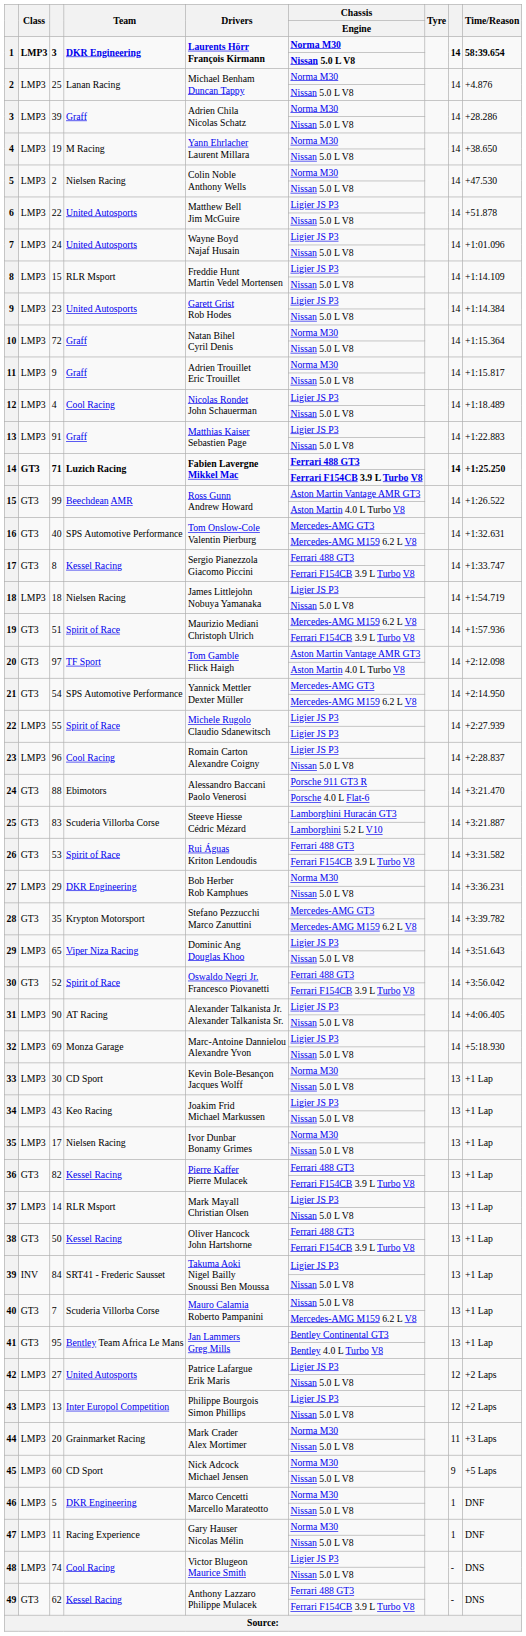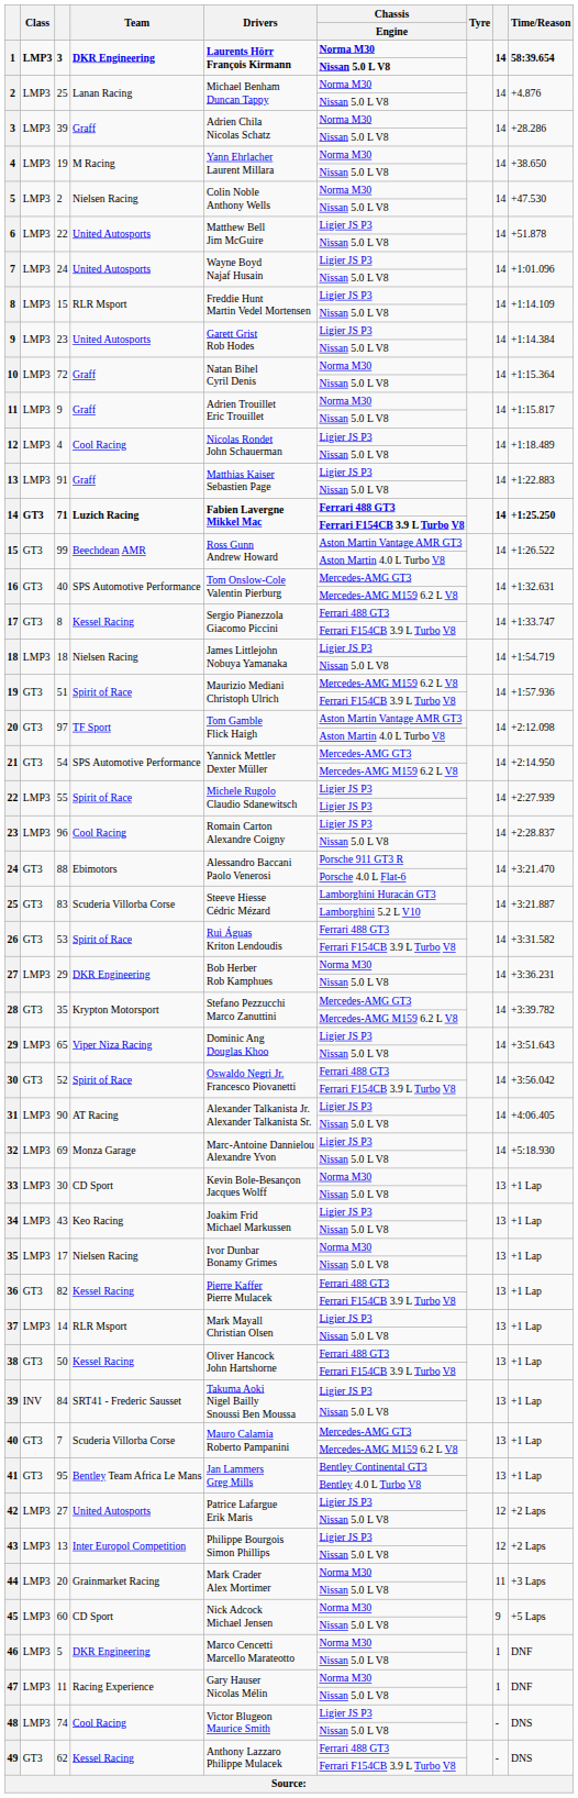 <table class="wikitable" style="font-size: 95%;">
 <tr>
 <th rowspan=2></th>
 <th rowspan=2>Class</th>
 <th rowspan=2></th>
 <th rowspan=2>Team</th>
 <th rowspan=2>Drivers</th>
 <th scope=col>Chassis</th>
 <th rowspan=2>Tyre</th>
 <th rowspan=2></th>
 <th rowspan=2>Time/Reason</th>
 </tr>
 <tr>
 <th scope=col>Engine</th>
 </tr>
 <tr style="font-weight:bold">
 <th rowspan=2>1</th>
 <td rowspan=2>LMP3</td>
 <td rowspan=2>3</td>
 <td rowspan=2> <a href='#'>DKR Engineering</a></td>
 <td rowspan=2> <a href='#'>Laurents Hörr</a><br> François Kirmann</td>
 <td><a href='#'>Norma M30</a></td>
 <td rowspan=2></td>
 <td rowspan=2>14</td>
 <td rowspan=2>58:39.654</td>
 </tr>
 <tr style="font-weight:bold">
 <td><a href='#'>Nissan</a> 5.0 L V8</td>
 </tr>
 <tr>
 <th rowspan=2>2</th>
 <td rowspan=2>LMP3</td>
 <td rowspan=2>25</td>
 <td rowspan=2> Lanan Racing</td>
 <td rowspan=2> Michael Benham<br> <a href='#'>Duncan Tappy</a></td>
 <td><a href='#'>Norma M30</a></td>
 <td rowspan=2></td>
 <td rowspan=2>14</td>
 <td rowspan=2>+4.876</td>
 </tr>
 <tr>
 <td><a href='#'>Nissan</a> 5.0 L V8</td>
 </tr>
 <tr>
 <th rowspan=2>3</th>
 <td rowspan=2>LMP3</td>
 <td rowspan=2>39</td>
 <td rowspan=2> <a href='#'>Graff</a></td>
 <td rowspan=2> Adrien Chila<br> Nicolas Schatz</td>
 <td><a href='#'>Norma M30</a></td>
 <td rowspan=2></td>
 <td rowspan=2>14</td>
 <td rowspan=2>+28.286</td>
 </tr>
 <tr>
 <td><a href='#'>Nissan</a> 5.0 L V8</td>
 </tr>
 <tr>
 <th rowspan=2>4</th>
 <td rowspan=2>LMP3</td>
 <td rowspan=2>19</td>
 <td rowspan=2> M Racing</td>
 <td rowspan=2> <a href='#'>Yann Ehrlacher</a><br> Laurent Millara</td>
 <td><a href='#'>Norma M30</a></td>
 <td rowspan=2></td>
 <td rowspan=2>14</td>
 <td rowspan=2>+38.650</td>
 </tr>
 <tr>
 <td><a href='#'>Nissan</a> 5.0 L V8</td>
 </tr>
 <tr>
 <th rowspan=2>5</th>
 <td rowspan=2>LMP3</td>
 <td rowspan=2>2</td>
 <td rowspan=2> Nielsen Racing</td>
 <td rowspan=2> Colin Noble<br> Anthony Wells</td>
 <td><a href='#'>Norma M30</a></td>
 <td rowspan=2></td>
 <td rowspan=2>14</td>
 <td rowspan=2>+47.530</td>
 </tr>
 <tr>
 <td><a href='#'>Nissan</a> 5.0 L V8</td>
 </tr>
 <tr>
 <th rowspan=2>6</th>
 <td rowspan=2>LMP3</td>
 <td rowspan=2>22</td>
 <td rowspan=2> <a href='#'>United Autosports</a></td>
 <td rowspan=2> Matthew Bell<br> Jim McGuire</td>
 <td><a href='#'>Ligier JS P3</a></td>
 <td rowspan=2></td>
 <td rowspan=2>14</td>
 <td rowspan=2>+51.878</td>
 </tr>
 <tr>
 <td><a href='#'>Nissan</a> 5.0 L V8</td>
 </tr>
 <tr>
 <th rowspan=2>7</th>
 <td rowspan=2>LMP3</td>
 <td rowspan=2>24</td>
 <td rowspan=2> <a href='#'>United Autosports</a></td>
 <td rowspan=2> Wayne Boyd<br> Najaf Husain</td>
 <td><a href='#'>Ligier JS P3</a></td>
 <td rowspan=2></td>
 <td rowspan=2>14</td>
 <td rowspan=2>+1:01.096</td>
 </tr>
 <tr>
 <td><a href='#'>Nissan</a> 5.0 L V8</td>
 </tr>
 <tr>
 <th rowspan=2>8</th>
 <td rowspan=2>LMP3</td>
 <td rowspan=2>15</td>
 <td rowspan=2> RLR Msport</td>
 <td rowspan=2> Freddie Hunt<br> Martin Vedel Mortensen</td>
 <td><a href='#'>Ligier JS P3</a></td>
 <td rowspan=2></td>
 <td rowspan=2>14</td>
 <td rowspan=2>+1:14.109</td>
 </tr>
 <tr>
 <td><a href='#'>Nissan</a> 5.0 L V8</td>
 </tr>
 <tr>
 <th rowspan=2>9</th>
 <td rowspan=2>LMP3</td>
 <td rowspan=2>23</td>
 <td rowspan=2> <a href='#'>United Autosports</a></td>
 <td rowspan=2> <a href='#'>Garett Grist</a><br> Rob Hodes</td>
 <td><a href='#'>Ligier JS P3</a></td>
 <td rowspan=2></td>
 <td rowspan=2>14</td>
 <td rowspan=2>+1:14.384</td>
 </tr>
 <tr>
 <td><a href='#'>Nissan</a> 5.0 L V8</td>
 </tr>
 <tr>
 <th rowspan=2>10</th>
 <td rowspan=2>LMP3</td>
 <td rowspan=2>72</td>
 <td rowspan=2> <a href='#'>Graff</a></td>
 <td rowspan=2> Natan Bihel<br> Cyril Denis</td>
 <td><a href='#'>Norma M30</a></td>
 <td rowspan=2></td>
 <td rowspan=2>14</td>
 <td rowspan=2>+1:15.364</td>
 </tr>
 <tr>
 <td><a href='#'>Nissan</a> 5.0 L V8</td>
 </tr>
 <tr>
 <th rowspan=2>11</th>
 <td rowspan=2>LMP3</td>
 <td rowspan=2>9</td>
 <td rowspan=2> <a href='#'>Graff</a></td>
 <td rowspan=2> Adrien Trouillet<br> Eric Trouillet</td>
 <td><a href='#'>Norma M30</a></td>
 <td rowspan=2></td>
 <td rowspan=2>14</td>
 <td rowspan=2>+1:15.817</td>
 </tr>
 <tr>
 <td><a href='#'>Nissan</a> 5.0 L V8</td>
 </tr>
 <tr>
 <th rowspan=2>12</th>
 <td rowspan=2>LMP3</td>
 <td rowspan=2>4</td>
 <td rowspan=2> <a href='#'>Cool Racing</a></td>
 <td rowspan=2> <a href='#'>Nicolas Rondet</a><br> John Schauerman</td>
 <td><a href='#'>Ligier JS P3</a></td>
 <td rowspan=2></td>
 <td rowspan=2>14</td>
 <td rowspan=2>+1:18.489</td>
 </tr>
 <tr>
 <td><a href='#'>Nissan</a> 5.0 L V8</td>
 </tr>
 <tr>
 <th rowspan=2>13</th>
 <td rowspan=2>LMP3</td>
 <td rowspan=2>91</td>
 <td rowspan=2> <a href='#'>Graff</a></td>
 <td rowspan=2> <a href='#'>Matthias Kaiser</a><br> Sebastien Page</td>
 <td><a href='#'>Ligier JS P3</a></td>
 <td rowspan=2></td>
 <td rowspan=2>14</td>
 <td rowspan=2>+1:22.883</td>
 </tr>
 <tr>
 <td><a href='#'>Nissan</a> 5.0 L V8</td>
 </tr>
 <tr style="font-weight:bold">
 <th rowspan=2>14</th>
 <td rowspan=2>GT3</td>
 <td rowspan=2>71</td>
 <td rowspan=2> Luzich Racing</td>
 <td rowspan=2> Fabien Lavergne<br> <a href='#'>Mikkel Mac</a></td>
 <td><a href='#'>Ferrari 488 GT3</a></td>
 <td rowspan=2></td>
 <td rowspan=2>14</td>
 <td rowspan=2>+1:25.250</td>
 </tr>
 <tr style="font-weight:bold">
 <td><a href='#'>Ferrari F154CB</a> 3.9 L <a href='#'>Turbo</a> <a href='#'>V8</a></td>
 </tr>
 <tr>
 <th rowspan=2>15</th>
 <td rowspan=2>GT3</td>
 <td rowspan=2>99</td>
 <td rowspan=2> <a href='#'>Beechdean</a> <a href='#'>AMR</a></td>
 <td rowspan=2> <a href='#'>Ross Gunn</a><br> Andrew Howard</td>
 <td><a href='#'>Aston Martin Vantage AMR GT3</a></td>
 <td rowspan=2></td>
 <td rowspan=2>14</td>
 <td rowspan=2>+1:26.522</td>
 </tr>
 <tr>
 <td><a href='#'>Aston Martin</a> 4.0 L Turbo <a href='#'>V8</a></td>
 </tr>
 <tr>
 <th rowspan=2>16</th>
 <td rowspan=2>GT3</td>
 <td rowspan=2>40</td>
 <td rowspan=2> SPS Automotive Performance</td>
 <td rowspan=2> <a href='#'>Tom Onslow-Cole</a><br> Valentin Pierburg</td>
 <td><a href='#'>Mercedes-AMG GT3</a></td>
 <td rowspan=2></td>
 <td rowspan=2>14</td>
 <td rowspan=2>+1:32.631</td>
 </tr>
 <tr>
 <td><a href='#'>Mercedes-AMG M159</a> 6.2 L <a href='#'>V8</a></td>
 </tr>
 <tr>
 <th rowspan=2>17</th>
 <td rowspan=2>GT3</td>
 <td rowspan=2>8</td>
 <td rowspan=2> <a href='#'>Kessel Racing</a></td>
 <td rowspan=2> Sergio Pianezzola<br> Giacomo Piccini</td>
 <td><a href='#'>Ferrari 488 GT3</a></td>
 <td rowspan=2></td>
 <td rowspan=2>14</td>
 <td rowspan=2>+1:33.747</td>
 </tr>
 <tr>
 <td><a href='#'>Ferrari F154CB</a> 3.9 L <a href='#'>Turbo</a> <a href='#'>V8</a></td>
 </tr>
 <tr>
 <th rowspan=2>18</th>
 <td rowspan=2>LMP3</td>
 <td rowspan=2>18</td>
 <td rowspan=2> Nielsen Racing</td>
 <td rowspan=2> James Littlejohn<br> Nobuya Yamanaka</td>
 <td><a href='#'>Ligier JS P3</a></td>
 <td rowspan=2></td>
 <td rowspan=2>14</td>
 <td rowspan=2>+1:54.719</td>
 </tr>
 <tr>
 <td><a href='#'>Nissan</a> 5.0 L V8</td>
 </tr>
 <tr>
 <th rowspan=2>19</th>
 <td rowspan=2>GT3</td>
 <td rowspan=2>51</td>
 <td rowspan=2> <a href='#'>Spirit of Race</a></td>
 <td rowspan=2> Maurizio Mediani<br> Christoph Ulrich</td>
 <td><a href='#'>Mercedes-AMG M159</a> 6.2 L <a href='#'>V8</a></td>
 <td rowspan=2></td>
 <td rowspan=2>14</td>
 <td rowspan=2>+1:57.936</td>
 </tr>
 <tr>
 <td><a href='#'>Ferrari F154CB</a> 3.9 L <a href='#'>Turbo</a> <a href='#'>V8</a></td>
 </tr>
 <tr>
 <th rowspan=2>20</th>
 <td rowspan=2>GT3</td>
 <td rowspan=2>97</td>
 <td rowspan=2> <a href='#'>TF Sport</a></td>
 <td rowspan=2> <a href='#'>Tom Gamble</a><br> Flick Haigh</td>
 <td><a href='#'>Aston Martin Vantage AMR GT3</a></td>
 <td rowspan=2></td>
 <td rowspan=2>14</td>
 <td rowspan=2>+2:12.098</td>
 </tr>
 <tr>
 <td><a href='#'>Aston Martin</a> 4.0 L Turbo <a href='#'>V8</a></td>
 </tr>
 <tr>
 <th rowspan=2>21</th>
 <td rowspan=2>GT3</td>
 <td rowspan=2>54</td>
 <td rowspan=2> SPS Automotive Performance</td>
 <td rowspan=2> Yannick Mettler<br> Dexter Müller</td>
 <td><a href='#'>Mercedes-AMG GT3</a></td>
 <td rowspan=2></td>
 <td rowspan=2>14</td>
 <td rowspan=2>+2:14.950</td>
 </tr>
 <tr>
 <td><a href='#'>Mercedes-AMG M159</a> 6.2 L <a href='#'>V8</a></td>
 </tr>
 <tr>
 <th rowspan=2>22</th>
 <td rowspan=2>LMP3</td>
 <td rowspan=2>55</td>
 <td rowspan=2> <a href='#'>Spirit of Race</a></td>
 <td rowspan=2> <a href='#'>Michele Rugolo</a><br> Claudio Sdanewitsch</td>
 <td><a href='#'>Ligier JS P3</a></td>
 <td rowspan=2></td>
 <td rowspan=2>14</td>
 <td rowspan=2>+2:27.939</td>
 </tr>
 <tr>
 <td><a href='#'>Ligier JS P3</a></td>
 </tr>
 <tr>
 <th rowspan=2>23</th>
 <td rowspan=2>LMP3</td>
 <td rowspan=2>96</td>
 <td rowspan=2> <a href='#'>Cool Racing</a></td>
 <td rowspan=2> Romain Carton<br> Alexandre Coigny</td>
 <td><a href='#'>Ligier JS P3</a></td>
 <td rowspan=2></td>
 <td rowspan=2>14</td>
 <td rowspan=2>+2:28.837</td>
 </tr>
 <tr>
 <td><a href='#'>Nissan</a> 5.0 L V8</td>
 </tr>
 <tr>
 <th rowspan=2>24</th>
 <td rowspan=2>GT3</td>
 <td rowspan=2>88</td>
 <td rowspan=2> Ebimotors</td>
 <td rowspan=2> Alessandro Baccani<br> Paolo Venerosi</td>
 <td><a href='#'>Porsche 911 GT3 R</a></td>
 <td rowspan=2></td>
 <td rowspan=2>14</td>
 <td rowspan=2>+3:21.470</td>
 </tr>
 <tr>
 <td><a href='#'>Porsche</a> 4.0 L <a href='#'>Flat-6</a></td>
 </tr>
 <tr>
 <th rowspan=2>25</th>
 <td rowspan=2>GT3</td>
 <td rowspan=2>83</td>
 <td rowspan=2> Scuderia Villorba Corse</td>
 <td rowspan=2> Steeve Hiesse<br> Cédric Mézard</td>
 <td><a href='#'>Lamborghini Huracán GT3</a></td>
 <td rowspan=2></td>
 <td rowspan=2>14</td>
 <td rowspan=2>+3:21.887</td>
 </tr>
 <tr>
 <td><a href='#'>Lamborghini</a> 5.2 L <a href='#'>V10</a></td>
 </tr>
 <tr>
 <th rowspan=2>26</th>
 <td rowspan=2>GT3</td>
 <td rowspan=2>53</td>
 <td rowspan=2> <a href='#'>Spirit of Race</a></td>
 <td rowspan=2> <a href='#'>Rui Águas</a><br> Kriton Lendoudis</td>
 <td><a href='#'>Ferrari 488 GT3</a></td>
 <td rowspan=2></td>
 <td rowspan=2>14</td>
 <td rowspan=2>+3:31.582</td>
 </tr>
 <tr>
 <td><a href='#'>Ferrari F154CB</a> 3.9 L <a href='#'>Turbo</a> <a href='#'>V8</a></td>
 </tr>
 <tr>
 <th rowspan=2>27</th>
 <td rowspan=2>LMP3</td>
 <td rowspan=2>29</td>
 <td rowspan=2> <a href='#'>DKR Engineering</a></td>
 <td rowspan=2> Bob Herber<br> Rob Kamphues</td>
 <td><a href='#'>Norma M30</a></td>
 <td rowspan=2></td>
 <td rowspan=2>14</td>
 <td rowspan=2>+3:36.231</td>
 </tr>
 <tr>
 <td><a href='#'>Nissan</a> 5.0 L V8</td>
 </tr>
 <tr>
 <th rowspan=2>28</th>
 <td rowspan=2>GT3</td>
 <td rowspan=2>35</td>
 <td rowspan=2> Krypton Motorsport</td>
 <td rowspan=2> Stefano Pezzucchi<br> Marco Zanuttini</td>
 <td><a href='#'>Mercedes-AMG GT3</a></td>
 <td rowspan=2></td>
 <td rowspan=2>14</td>
 <td rowspan=2>+3:39.782</td>
 </tr>
 <tr>
 <td><a href='#'>Mercedes-AMG M159</a> 6.2 L <a href='#'>V8</a></td>
 </tr>
 <tr>
 <th rowspan=2>29</th>
 <td rowspan=2>LMP3</td>
 <td rowspan=2>65</td>
 <td rowspan=2> <a href='#'>Viper Niza Racing</a></td>
 <td rowspan=2> Dominic Ang<br> <a href='#'>Douglas Khoo</a></td>
 <td><a href='#'>Ligier JS P3</a></td>
 <td rowspan=2></td>
 <td rowspan=2>14</td>
 <td rowspan=2>+3:51.643</td>
 </tr>
 <tr>
 <td><a href='#'>Nissan</a> 5.0 L V8</td>
 </tr>
 <tr>
 <th rowspan=2>30</th>
 <td rowspan=2>GT3</td>
 <td rowspan=2>52</td>
 <td rowspan=2> <a href='#'>Spirit of Race</a></td>
 <td rowspan=2> <a href='#'>Oswaldo Negri Jr.</a><br> Francesco Piovanetti</td>
 <td><a href='#'>Ferrari 488 GT3</a></td>
 <td rowspan=2></td>
 <td rowspan=2>14</td>
 <td rowspan=2>+3:56.042</td>
 </tr>
 <tr>
 <td><a href='#'>Ferrari F154CB</a> 3.9 L <a href='#'>Turbo</a> <a href='#'>V8</a></td>
 </tr>
 <tr>
 <th rowspan=2>31</th>
 <td rowspan=2>LMP3</td>
 <td rowspan=2>90</td>
 <td rowspan=2> AT Racing</td>
 <td rowspan=2> Alexander Talkanista Jr.<br> Alexander Talkanista Sr.</td>
 <td><a href='#'>Ligier JS P3</a></td>
 <td rowspan=2></td>
 <td rowspan=2>14</td>
 <td rowspan=2>+4:06.405</td>
 </tr>
 <tr>
 <td><a href='#'>Nissan</a> 5.0 L V8</td>
 </tr>
 <tr>
 <th rowspan=2>32</th>
 <td rowspan=2>LMP3</td>
 <td rowspan=2>69</td>
 <td rowspan=2> Monza Garage</td>
 <td rowspan=2> Marc-Antoine Dannielou<br> Alexandre Yvon</td>
 <td><a href='#'>Ligier JS P3</a></td>
 <td rowspan=2></td>
 <td rowspan=2>14</td>
 <td rowspan=2>+5:18.930</td>
 </tr>
 <tr>
 <td><a href='#'>Nissan</a> 5.0 L V8</td>
 </tr>
 <tr>
 <th rowspan=2>33</th>
 <td rowspan=2>LMP3</td>
 <td rowspan=2>30</td>
 <td rowspan=2> CD Sport</td>
 <td rowspan=2> Kevin Bole-Besançon<br> Jacques Wolff</td>
 <td><a href='#'>Norma M30</a></td>
 <td rowspan=2></td>
 <td rowspan=2>13</td>
 <td rowspan=2>+1 Lap</td>
 </tr>
 <tr>
 <td><a href='#'>Nissan</a> 5.0 L V8</td>
 </tr>
 <tr>
 <th rowspan=2>34</th>
 <td rowspan=2>LMP3</td>
 <td rowspan=2>43</td>
 <td rowspan=2> Keo Racing</td>
 <td rowspan=2> Joakim Frid<br> Michael Markussen</td>
 <td><a href='#'>Ligier JS P3</a></td>
 <td rowspan=2></td>
 <td rowspan=2>13</td>
 <td rowspan=2>+1 Lap</td>
 </tr>
 <tr>
 <td><a href='#'>Nissan</a> 5.0 L V8</td>
 </tr>
 <tr>
 <th rowspan=2>35</th>
 <td rowspan=2>LMP3</td>
 <td rowspan=2>17</td>
 <td rowspan=2> Nielsen Racing</td>
 <td rowspan=2> Ivor Dunbar<br> Bonamy Grimes</td>
 <td><a href='#'>Norma M30</a></td>
 <td rowspan=2></td>
 <td rowspan=2>13</td>
 <td rowspan=2>+1 Lap</td>
 </tr>
 <tr>
 <td><a href='#'>Nissan</a> 5.0 L V8</td>
 </tr>
 <tr>
 <th rowspan=2>36</th>
 <td rowspan=2>GT3</td>
 <td rowspan=2>82</td>
 <td rowspan=2> <a href='#'>Kessel Racing</a></td>
 <td rowspan=2> <a href='#'>Pierre Kaffer</a><br> Pierre Mulacek</td>
 <td><a href='#'>Ferrari 488 GT3</a></td>
 <td rowspan=2></td>
 <td rowspan=2>13</td>
 <td rowspan=2>+1 Lap</td>
 </tr>
 <tr>
 <td><a href='#'>Ferrari F154CB</a> 3.9 L <a href='#'>Turbo</a> <a href='#'>V8</a></td>
 </tr>
 <tr>
 <th rowspan=2>37</th>
 <td rowspan=2>LMP3</td>
 <td rowspan=2>14</td>
 <td rowspan=2> RLR Msport</td>
 <td rowspan=2> Mark Mayall<br> Christian Olsen</td>
 <td><a href='#'>Ligier JS P3</a></td>
 <td rowspan=2></td>
 <td rowspan=2>13</td>
 <td rowspan=2>+1 Lap</td>
 </tr>
 <tr>
 <td><a href='#'>Nissan</a> 5.0 L V8</td>
 </tr>
 <tr>
 <th rowspan=2>38</th>
 <td rowspan=2>GT3</td>
 <td rowspan=2>50</td>
 <td rowspan=2> <a href='#'>Kessel Racing</a></td>
 <td rowspan=2> Oliver Hancock<br> John Hartshorne</td>
 <td><a href='#'>Ferrari 488 GT3</a></td>
 <td rowspan=2></td>
 <td rowspan=2>13</td>
 <td rowspan=2>+1 Lap</td>
 </tr>
 <tr>
 <td><a href='#'>Ferrari F154CB</a> 3.9 L <a href='#'>Turbo</a> <a href='#'>V8</a></td>
 </tr>
 <tr>
 <th rowspan=2>39</th>
 <td rowspan=2>INV</td>
 <td rowspan=2>84</td>
 <td rowspan=2> SRT41 - Frederic Sausset</td>
 <td rowspan=2> <a href='#'>Takuma Aoki</a><br> Nigel Bailly<br> Snoussi Ben Moussa</td>
 <td><a href='#'>Ligier JS P3</a></td>
 <td rowspan=2></td>
 <td rowspan=2>13</td>
 <td rowspan=2>+1 Lap</td>
 </tr>
 <tr>
 <td><a href='#'>Nissan</a> 5.0 L V8</td>
 </tr>
 <tr>
 <th rowspan=2>40</th>
 <td rowspan=2>GT3</td>
 <td rowspan=2>7</td>
 <td rowspan=2> Scuderia Villorba Corse</td>
 <td rowspan=2> <a href='#'>Mauro Calamia</a><br> Roberto Pampanini</td>
-<td><a href='#'>Nissan</a> 5.0 L V8</td>
+<td><a href='#'>Mercedes-AMG GT3</a></td>
 <td rowspan=2></td>
 <td rowspan=2>13</td>
 <td rowspan=2>+1 Lap</td>
 </tr>
 <tr>
 <td><a href='#'>Mercedes-AMG M159</a> 6.2 L <a href='#'>V8</a></td>
 </tr>
 <tr>
 <th rowspan=2>41</th>
 <td rowspan=2>GT3</td>
 <td rowspan=2>95</td>
 <td rowspan=2> <a href='#'>Bentley</a> Team Africa Le Mans</td>
 <td rowspan=2> <a href='#'>Jan Lammers</a><br> <a href='#'>Greg Mills</a></td>
 <td><a href='#'>Bentley Continental GT3</a></td>
 <td rowspan=2></td>
 <td rowspan=2>13</td>
 <td rowspan=2>+1 Lap</td>
 </tr>
 <tr>
 <td><a href='#'>Bentley</a> 4.0 L <a href='#'>Turbo</a> <a href='#'>V8</a></td>
 </tr>
 <tr>
 <th rowspan=2>42</th>
 <td rowspan=2>LMP3</td>
 <td rowspan=2>27</td>
 <td rowspan=2> <a href='#'>United Autosports</a></td>
 <td rowspan=2> Patrice Lafargue<br> Erik Maris</td>
 <td><a href='#'>Ligier JS P3</a></td>
 <td rowspan=2></td>
 <td rowspan=2>12</td>
 <td rowspan=2>+2 Laps</td>
 </tr>
 <tr>
 <td><a href='#'>Nissan</a> 5.0 L V8</td>
 </tr>
 <tr>
 <th rowspan=2>43</th>
 <td rowspan=2>LMP3</td>
 <td rowspan=2>13</td>
 <td rowspan=2> <a href='#'>Inter Europol Competition</a></td>
 <td rowspan=2> Philippe Bourgois<br> Simon Phillips</td>
 <td><a href='#'>Ligier JS P3</a></td>
 <td rowspan=2></td>
 <td rowspan=2>12</td>
 <td rowspan=2>+2 Laps</td>
 </tr>
 <tr>
 <td><a href='#'>Nissan</a> 5.0 L V8</td>
 </tr>
 <tr>
 <th rowspan=2>44</th>
 <td rowspan=2>LMP3</td>
 <td rowspan=2>20</td>
 <td rowspan=2> Grainmarket Racing</td>
 <td rowspan=2> Mark Crader<br> Alex Mortimer</td>
 <td><a href='#'>Norma M30</a></td>
 <td rowspan=2></td>
 <td rowspan=2>11</td>
 <td rowspan=2>+3 Laps</td>
 </tr>
 <tr>
 <td><a href='#'>Nissan</a> 5.0 L V8</td>
 </tr>
 <tr>
 <th rowspan=2>45</th>
 <td rowspan=2>LMP3</td>
 <td rowspan=2>60</td>
 <td rowspan=2> CD Sport</td>
 <td rowspan=2> Nick Adcock<br> Michael Jensen</td>
 <td><a href='#'>Norma M30</a></td>
 <td rowspan=2></td>
 <td rowspan=2>9</td>
 <td rowspan=2>+5 Laps</td>
 </tr>
 <tr>
 <td><a href='#'>Nissan</a> 5.0 L V8</td>
 </tr>
 <tr>
 <th rowspan=2>46</th>
 <td rowspan=2>LMP3</td>
 <td rowspan=2>5</td>
 <td rowspan=2> <a href='#'>DKR Engineering</a></td>
 <td rowspan=2> Marco Cencetti<br> Marcello Marateotto</td>
 <td><a href='#'>Norma M30</a></td>
 <td rowspan=2></td>
 <td rowspan=2>1</td>
 <td rowspan=2>DNF</td>
 </tr>
 <tr>
 <td><a href='#'>Nissan</a> 5.0 L V8</td>
 </tr>
 <tr>
 <th rowspan=2>47</th>
 <td rowspan=2>LMP3</td>
 <td rowspan=2>11</td>
 <td rowspan=2> Racing Experience</td>
 <td rowspan=2> Gary Hauser<br> Nicolas Mélin</td>
 <td><a href='#'>Norma M30</a></td>
 <td rowspan=2></td>
 <td rowspan=2>1</td>
 <td rowspan=2>DNF</td>
 </tr>
 <tr>
 <td><a href='#'>Nissan</a> 5.0 L V8</td>
 </tr>
 <tr>
 <th rowspan=2>48</th>
 <td rowspan=2>LMP3</td>
 <td rowspan=2>74</td>
 <td rowspan=2> <a href='#'>Cool Racing</a></td>
 <td rowspan=2> Victor Blugeon<br> <a href='#'>Maurice Smith</a></td>
 <td><a href='#'>Ligier JS P3</a></td>
 <td rowspan=2></td>
 <td rowspan=2>-</td>
 <td rowspan=2>DNS</td>
 </tr>
 <tr>
 <td><a href='#'>Nissan</a> 5.0 L V8</td>
 </tr>
 <tr>
 <th rowspan=2>49</th>
 <td rowspan=2>GT3</td>
 <td rowspan=2>62</td>
 <td rowspan=2> <a href='#'>Kessel Racing</a></td>
 <td rowspan=2> Anthony Lazzaro<br> Philippe Mulacek</td>
 <td><a href='#'>Ferrari 488 GT3</a></td>
 <td rowspan=2></td>
 <td rowspan=2>-</td>
 <td rowspan=2>DNS</td>
 </tr>
 <tr>
 <td><a href='#'>Ferrari F154CB</a> 3.9 L <a href='#'>Turbo</a> <a href='#'>V8</a></td>
 </tr>
 <tr>
 <th colspan="9">Source:</th>
 </tr>
 </table>
